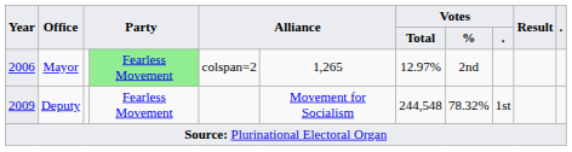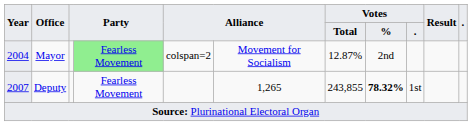 <table class="wikitable" style="font-size:90%; text-align:center;">
 <tr>
 <th style="background-color:#EAECF0;" rowspan=2>Year</th>
 <th style="background-color:#EAECF0;" rowspan=2>Office</th>
 <th style="background-color:#EAECF0;" colspan=2 rowspan=2>Party</th>
 <th style="background-color:#EAECF0;" colspan=2 rowspan=2>Alliance</th>
 <th style="background-color:#EAECF0;" colspan=3>Votes</th>
 <th style="background-color:#EAECF0;" rowspan=2>Result</th>
 <th style="background-color:#EAECF0;" rowspan=2>.</th>
 </tr>
 <tr>
 <th style="background-color:#EAECF0;">Total</th>
 <th style="background-color:#EAECF0;">%</th>
 <th style="background-color:#EAECF0;">.</th>
 </tr>
 <tr>
-<td style="background-color:#EAECF0;"><a href='#'>2006</a></td>
+<td style="background-color:#EAECF0;"><a href='#'>2004</a></td>
 <td><a href='#'>Mayor</a></td>
 <td style="background-color:"></td>
 <td style="background: lightgreen;"><a href='#'>Fearless Movement</a></td>
 <td>colspan=2 </td>
-<td>1,265</td>
-<td>12.97%</td>
+<td><a href='#'>Movement for Socialism</a></td>
+<td>12.87%</td>
 <td>2nd</td>
 <td></td>
 <td></td>
 </tr>
 <tr>
-<td style="background-color:#EAECF0;"><a href='#'>2009</a></td>
+<td style="background-color:#EAECF0;"><a href='#'>2007</a></td>
 <td><a href='#'>Deputy</a></td>
 <td style="background-color:"></td>
 <td><a href='#'>Fearless Movement</a></td>
 <td style="background-color:"></td>
-<td><a href='#'>Movement for Socialism</a></td>
-<td>244,548</td>
-<td>78.32%</td>
+<td>1,265</td>
+<td>243,855</td>
+<td><strong>78.32%</strong></td>
 <td>1st</td>
 <td></td>
 <td></td>
 </tr>
 <tr>
 <td style="background-color:#EAECF0;" colspan=11><strong>Source:</strong> <a href='#'>Plurinational Electoral Organ</a>  </td>
 </tr>
 </table>
